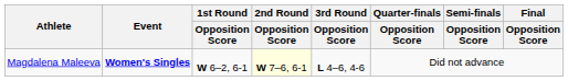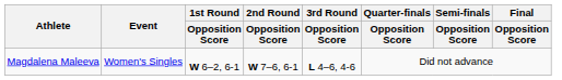 <table class=wikitable style="font-size:90%">
 <tr>
 <th rowspan="2">Athlete</th>
 <th rowspan="2">Event</th>
 <th>1st Round</th>
 <th>2nd Round</th>
 <th>3rd Round</th>
 <th>Quarter-finals</th>
 <th>Semi-finals</th>
 <th>Final</th>
 </tr>
 <tr>
 <th>Opposition<br>Score</th>
 <th>Opposition<br>Score</th>
 <th>Opposition<br>Score</th>
 <th>Opposition<br>Score</th>
 <th>Opposition<br>Score</th>
 <th>Opposition<br>Score</th>
 </tr>
 <tr align=center>
 <td align=left><a href='#'>Magdalena Maleeva</a></td>
-<td align=left><strong><a href='#'>Women's Singles</a></strong></td>
+<td align=left><a href='#'>Women's Singles</a></td>
 <td> <br><strong>W</strong> 6–2, 6-1</td>
-<td style="background: lightyellow;"> <br><strong>W</strong> 7–6, 6-1</td>
+<td> <br><strong>W</strong> 7–6, 6-1</td>
 <td> <br><strong>L</strong> 4–6, 4-6</td>
 <td colspan=3>Did not advance</td>
 </tr>
 </table>
